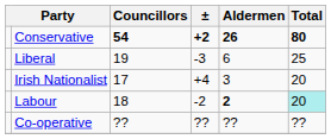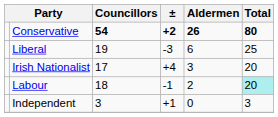 <table class="wikitable">
 <tr>
 <th colspan="2">Party</th>
 <th>Councillors</th>
 <th>  ±  </th>
 <th>Aldermen</th>
 <th>Total</th>
 </tr>
 <tr>
 <td style="background-color: "></td>
 <td><a href='#'>Conservative</a></td>
 <td><strong>54</strong></td>
 <td><strong>+2</strong></td>
 <td><strong>26</strong></td>
 <td><strong>80</strong></td>
 </tr>
 <tr>
 <td style="background-color: "></td>
 <td><a href='#'>Liberal</a></td>
 <td>19</td>
 <td>-3</td>
 <td>6</td>
 <td>25</td>
 </tr>
 <tr>
 <td style="background-color: "></td>
 <td><a href='#'>Irish Nationalist</a></td>
 <td>17</td>
 <td>+4</td>
 <td>3</td>
 <td>20</td>
 </tr>
 <tr>
 <td style="background-color: "></td>
 <td><a href='#'>Labour</a></td>
 <td>18</td>
-<td>-2</td>
-<td><strong>2</strong></td>
+<td>-1</td>
+<td>2</td>
 <td style="background: paleturquoise;">20</td>
 </tr>
 <tr>
 <td style="background-color: "></td>
-<td><a href='#'>Co-operative</a></td>
-<td>??</td>
-<td>??</td>
-<td>??</td>
-<td>??</td>
+<td>Independent</td>
+<td>3</td>
+<td>+1</td>
+<td>0</td>
+<td>3</td>
 </tr>
 <tr>
 </tr>
 </table>
